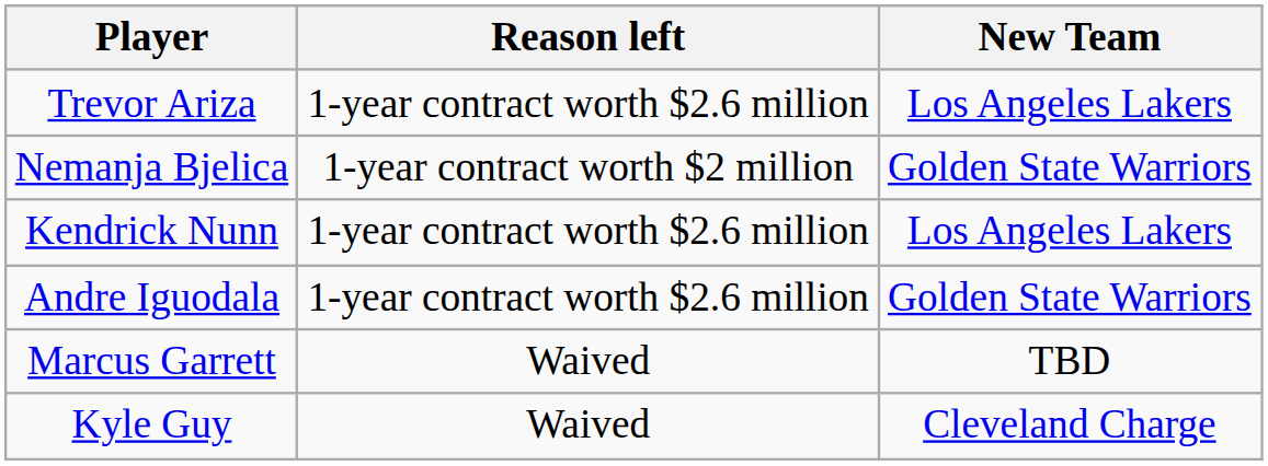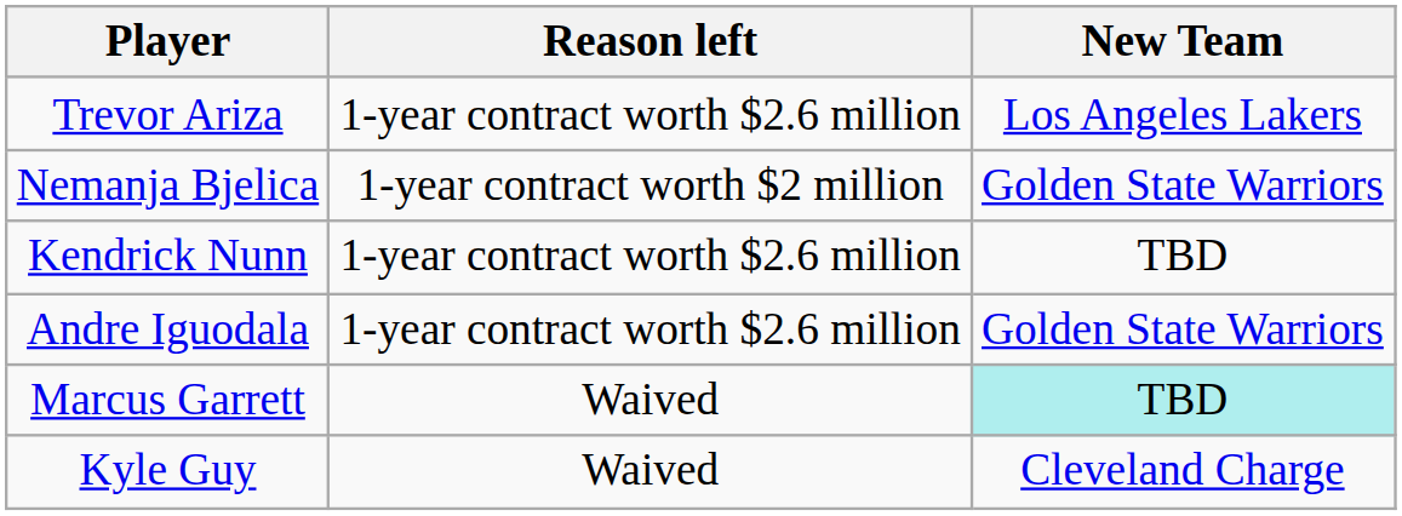 <table class="wikitable sortable sortable" style="text-align: center">
 <tr>
 <th>Player</th>
 <th>Reason left</th>
 <th>New Team</th>
 </tr>
 <tr style="text-align: center">
 <td><a href='#'>Trevor Ariza</a></td>
 <td>1-year contract worth $2.6 million</td>
 <td><a href='#'>Los Angeles Lakers</a></td>
 </tr>
 <tr style="text-align: center">
 <td><a href='#'>Nemanja Bjelica</a></td>
 <td>1-year contract worth $2 million</td>
 <td><a href='#'>Golden State Warriors</a></td>
 </tr>
 <tr style="text-align: center">
 <td><a href='#'>Kendrick Nunn</a></td>
 <td>1-year contract worth $2.6 million</td>
-<td><a href='#'>Los Angeles Lakers</a></td>
+<td>TBD</td>
 </tr>
 <tr style="text-align: center">
 <td><a href='#'>Andre Iguodala</a></td>
 <td>1-year contract worth $2.6 million</td>
 <td><a href='#'>Golden State Warriors</a></td>
 </tr>
 <tr>
 <td><a href='#'>Marcus Garrett</a></td>
 <td>Waived</td>
-<td>TBD</td>
+<td style="background: paleturquoise;">TBD</td>
 </tr>
 <tr>
 <td><a href='#'>Kyle Guy</a></td>
 <td>Waived</td>
 <td><a href='#'>Cleveland Charge</a></td>
 </tr>
 </table>
